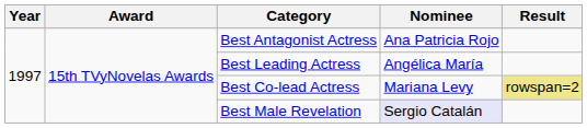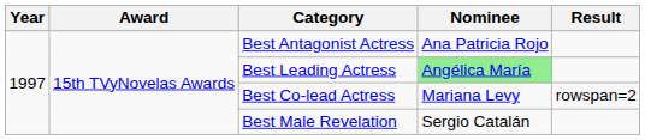 <table class="wikitable">
 <tr style="background:#b0c4de;">
 <th>Year</th>
 <th>Award</th>
 <th>Category</th>
 <th>Nominee</th>
 <th>Result</th>
 </tr>
 <tr>
 <td rowspan=4>1997</td>
 <td rowspan=4><a href='#'>15th TVyNovelas Awards</a></td>
 <td><a href='#'>Best Antagonist Actress</a></td>
 <td><a href='#'>Ana Patricia Rojo</a></td>
 <td></td>
 </tr>
 <tr>
 <td><a href='#'>Best Leading Actress</a></td>
-<td><a href='#'>Angélica María</a></td>
+<td style="background: lightgreen;"><a href='#'>Angélica María</a></td>
 <td></td>
 </tr>
 <tr>
 <td><a href='#'>Best Co-lead Actress</a></td>
 <td><a href='#'>Mariana Levy</a></td>
-<td style="background: khaki;">rowspan=2 </td>
+<td>rowspan=2 </td>
 </tr>
 <tr>
 <td><a href='#'>Best Male Revelation</a></td>
-<td style="background: lavender;">Sergio Catalán</td>
+<td>Sergio Catalán</td>
 </tr>
 </table>
